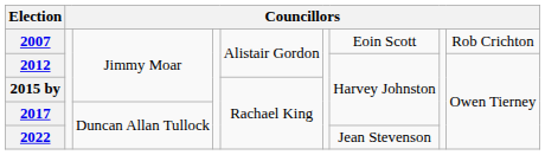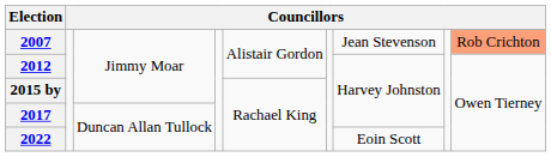 <table class="wikitable" style="text-align:center">
 <tr>
 <th>Election</th>
 <th colspan=8>Councillors</th>
 </tr>
 <tr>
 <th><a href='#'>2007</a></th>
 <td rowspan=5; style="background-color: "></td>
 <td rowspan=3>Jimmy Moar</td>
 <td rowspan=5; style="background-color: "></td>
 <td rowspan=2>Alistair Gordon</td>
 <td rowspan=5; style="background-color: "></td>
-<td rowspan=1>Eoin Scott</td>
+<td>Jean Stevenson</td>
 <td rowspan=5; style="background-color: "></td>
-<td rowspan=1>Rob Crichton</td>
+<td rowspan=1 style="background: lightsalmon;">Rob Crichton</td>
 </tr>
 <tr>
 <th><a href='#'>2012</a></th>
 <td rowspan=3>Harvey Johnston</td>
 <td rowspan=4>Owen Tierney</td>
 </tr>
 <tr>
 <th>2015 by</th>
 <td rowspan=3>Rachael King</td>
 </tr>
 <tr>
 <th><a href='#'>2017</a></th>
 <td rowspan=2>Duncan Allan Tullock</td>
 </tr>
 <tr>
 <th><a href='#'>2022</a></th>
-<td>Jean Stevenson</td>
+<td rowspan=1>Eoin Scott</td>
 </tr>
 </table>
